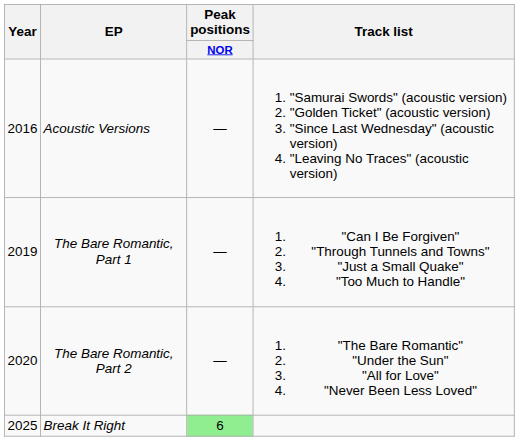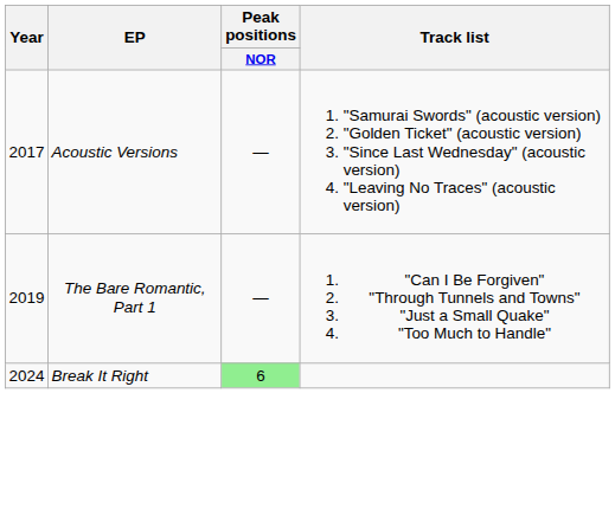 <table class="wikitable plainrowheaders" style="text-align:center;">
 <tr>
 <th scope="col" rowspan="2">Year</th>
 <th scope="col" rowspan="2">EP</th>
 <th scope="col" colspan="1">Peak positions</th>
 <th scope="col" rowspan="2">Track list</th>
 </tr>
 <tr>
 <th scope="col" style="width:3em;font-size:85%;"><a href='#'>NOR</a><br></th>
 </tr>
 <tr>
-<td>2016</td>
+<td>2017</td>
 <td style="text-align:left;"><em>Acoustic Versions</em></td>
 <td>—</td>
 <td style="text-align:left;"><br><ol><li>"Samurai Swords" (acoustic version)</li><li>"Golden Ticket" (acoustic version)</li><li>"Since Last Wednesday" (acoustic version)</li><li>"Leaving No Traces" (acoustic version)</li></ol></td>
 </tr>
 <tr>
 <td>2019</td>
 <td><em>The Bare Romantic, Part 1</em></td>
 <td>—</td>
 <td><br><ol><li>"Can I Be Forgiven"</li><li>"Through Tunnels and Towns"</li><li>"Just a Small Quake"</li><li>"Too Much to Handle"</li></ol></td>
 </tr>
 <tr>
-<td>2020</td>
-<td><em>The Bare Romantic, Part 2</em></td>
-<td>—</td>
-<td><br><ol><li>"The Bare Romantic"</li><li>"Under the Sun"</li><li>"All for Love"</li><li>"Never Been Less Loved"</li></ol></td>
-</tr>
-<tr>
-<td>2025</td>
+<td>2024</td>
 <td style="text-align:left;"><em>Break It Right</em></td>
 <td style="background: lightgreen;">6<br></td>
 <td></td>
 </tr>
 </table>
